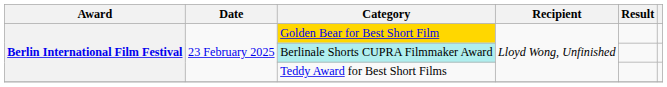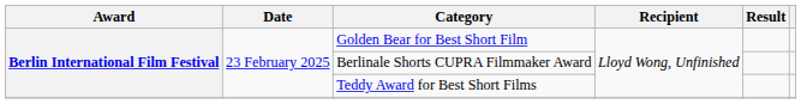 <table class="wikitable sortable plainrowheaders">
 <tr>
 <th>Award</th>
 <th>Date</th>
 <th>Category</th>
 <th>Recipient</th>
 <th>Result</th>
 <th></th>
 </tr>
 <tr>
 <th scope="row" rowspan=3><a href='#'>Berlin International Film Festival</a></th>
 <td rowspan=3><a href='#'>23 February 2025</a></td>
-<td style="background: gold;"><a href='#'>Golden Bear for Best Short Film</a></td>
+<td><a href='#'>Golden Bear for Best Short Film</a></td>
 <td rowspan="3"><em>Lloyd Wong, Unfinished</em></td>
 <td></td>
 <td align="center" rowspan="1"></td>
 </tr>
 <tr>
-<td style="background: paleturquoise;">Berlinale Shorts CUPRA Filmmaker Award</td>
+<td>Berlinale Shorts CUPRA Filmmaker Award</td>
 <td></td>
 <td align="center" rowspan="1"></td>
 </tr>
 <tr>
 <td><a href='#'>Teddy Award</a> for Best Short Films</td>
 <td></td>
 <td align="center" rowspan="1"></td>
 </tr>
 <tr>
 </tr>
 </table>
